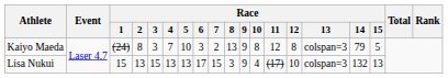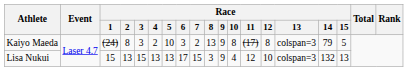 <table class=wikitable style=font-size:90%;text-align:center>
 <tr>
 <th rowspan="2">Athlete</th>
 <th rowspan="2">Event</th>
 <th colspan=15>Race</th>
 <th rowspan=2>Total</th>
 <th rowspan=2>Rank</th>
 </tr>
 <tr style="font-size:95%">
 <th>1</th>
 <th>2</th>
 <th>3</th>
 <th>4</th>
 <th>5</th>
 <th>6</th>
 <th>7</th>
 <th>8</th>
 <th>9</th>
 <th>10</th>
 <th>11</th>
 <th>12</th>
 <th>13</th>
 <th>14</th>
 <th>15</th>
 </tr>
 <tr>
 <td style="text-align:left">Kaiyo Maeda</td>
 <td style="text-align:left" rowspan=2><a href='#'>Laser 4.7</a></td>
 <td><s>(24)</s><br></td>
 <td>8</td>
 <td>3</td>
-<td>7</td>
+<td>2</td>
 <td>10</td>
 <td>3</td>
 <td>2</td>
 <td>13</td>
 <td>9</td>
 <td>8</td>
-<td>12</td>
+<td><s>(17)</s></td>
 <td>8</td>
 <td>colspan=3 </td>
 <td>79</td>
 <td>5</td>
 </tr>
 <tr>
 <td style="text-align:left">Lisa Nukui</td>
 <td>15</td>
 <td>13</td>
 <td>15</td>
 <td>13</td>
 <td>13</td>
 <td>17</td>
 <td>15</td>
 <td>3</td>
 <td>9</td>
 <td>4</td>
-<td><s>(17)</s></td>
+<td>12</td>
 <td>10</td>
 <td>colspan=3 </td>
 <td>132</td>
 <td>13</td>
 </tr>
 </table>
